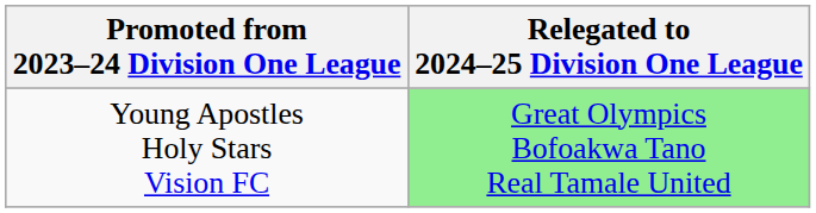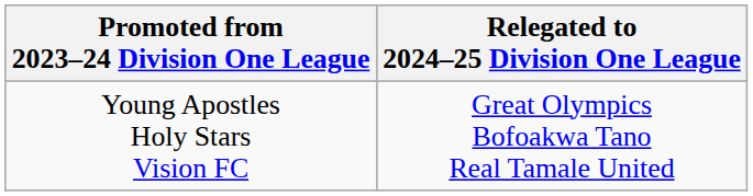 <table class="wikitable">
 <tr>
 <th> Promoted from<br>2023–24 <a href='#'>Division One League</a></th>
 <th> Relegated to<br>2024–25 <a href='#'>Division One League</a></th>
 </tr>
 <tr>
 <td align=center>Young Apostles<br>Holy Stars<br><a href='#'>Vision FC</a></td>
-<td align=center style="background: lightgreen;"><a href='#'>Great Olympics</a><br><a href='#'>Bofoakwa Tano</a><br><a href='#'>Real Tamale United</a></td>
+<td align=center><a href='#'>Great Olympics</a><br><a href='#'>Bofoakwa Tano</a><br><a href='#'>Real Tamale United</a></td>
 </tr>
 </table>
